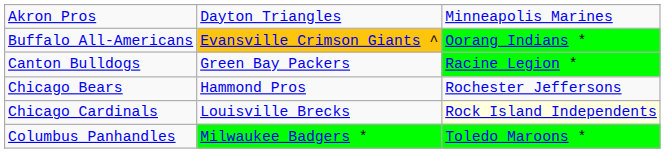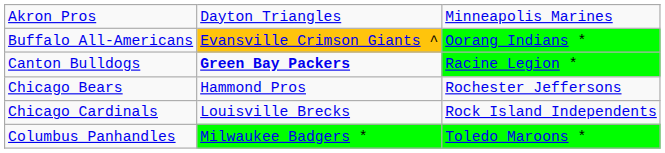 <table class="wikitable">
 <tr>
 <td><a href='#'>Akron Pros</a></td>
 <td><a href='#'>Dayton Triangles</a></td>
 <td><a href='#'>Minneapolis Marines</a></td>
 </tr>
 <tr>
 <td><a href='#'>Buffalo All-Americans</a></td>
 <td style="background-color: #FFC40C"><a href='#'>Evansville Crimson Giants</a> ^</td>
 <td style="background-color: #00FF00"><a href='#'>Oorang Indians</a> *</td>
 </tr>
 <tr>
 <td><a href='#'>Canton Bulldogs</a></td>
-<td><a href='#'>Green Bay Packers</a></td>
+<td><strong><a href='#'>Green Bay Packers</a></strong></td>
 <td style="background-color: #00FF00"><a href='#'>Racine Legion</a> *</td>
 </tr>
 <tr>
 <td><a href='#'>Chicago Bears</a></td>
 <td><a href='#'>Hammond Pros</a></td>
 <td><a href='#'>Rochester Jeffersons</a></td>
 </tr>
 <tr>
 <td><a href='#'>Chicago Cardinals</a></td>
 <td><a href='#'>Louisville Brecks</a></td>
-<td style="background: lightyellow;"><a href='#'>Rock Island Independents</a></td>
+<td><a href='#'>Rock Island Independents</a></td>
 </tr>
 <tr>
 <td><a href='#'>Columbus Panhandles</a></td>
 <td style="background-color: #00FF00"><a href='#'>Milwaukee Badgers</a> *</td>
 <td style="background-color: #00FF00"><a href='#'>Toledo Maroons</a> *</td>
 </tr>
 </table>
